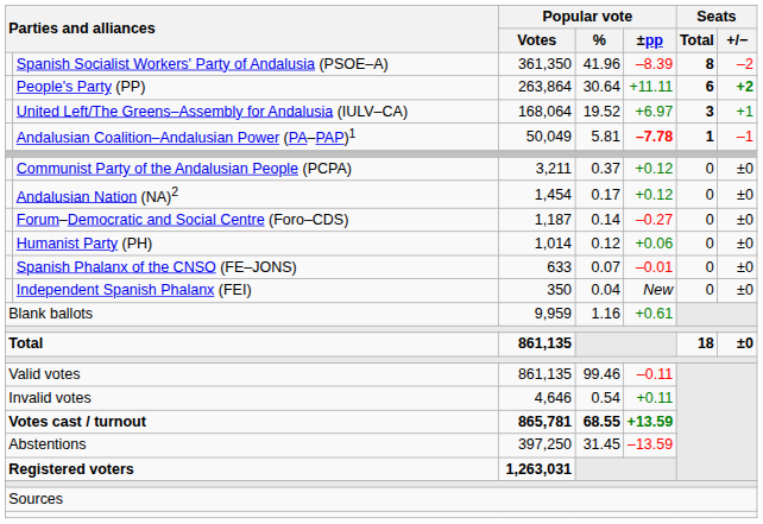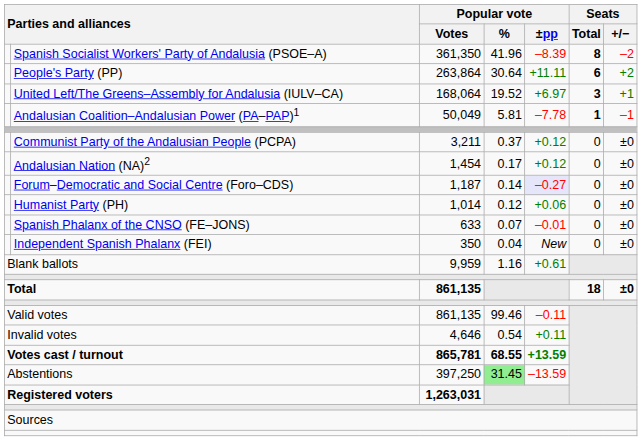 <table class="wikitable" style="text-align:right;">
 <tr>
 <th style="text-align:left;" rowspan="2" colspan="2" width="525">Parties and alliances</th>
 <th colspan="3">Popular vote</th>
 <th colspan="2">Seats</th>
 </tr>
 <tr>
 <th width="75">Votes</th>
 <th width="45">%</th>
 <th width="45">±<a href='#'>pp</a></th>
 <th width="35">Total</th>
 <th width="35">+/−</th>
 </tr>
 <tr>
 <td width="1" style="color:inherit;background:"></td>
 <td align="left"><a href='#'>Spanish Socialist Workers' Party of Andalusia</a> (PSOE–A)</td>
 <td>361,350</td>
 <td>41.96</td>
 <td style="color:red;">–8.39</td>
 <td><strong>8</strong></td>
 <td style="color:red;">–2</td>
 </tr>
 <tr>
 <td style="color:inherit;background:"></td>
 <td align="left"><a href='#'>People's Party</a> (PP)</td>
 <td>263,864</td>
 <td>30.64</td>
 <td style="color:green;">+11.11</td>
 <td><strong>6</strong></td>
-<td style="color:green;"><strong>+2</strong></td>
+<td style="color:green;">+2</td>
 </tr>
 <tr>
 <td style="color:inherit;background:"></td>
 <td align="left"><a href='#'>United Left/The Greens–Assembly for Andalusia</a> (IULV–CA)</td>
 <td>168,064</td>
 <td>19.52</td>
 <td style="color:green;">+6.97</td>
 <td><strong>3</strong></td>
 <td style="color:green;">+1</td>
 </tr>
 <tr>
 <td style="color:inherit;background:"></td>
 <td align="left"><a href='#'>Andalusian Coalition–Andalusian Power</a> (<a href='#'>PA</a>–<a href='#'>PAP</a>)<sup>1</sup></td>
 <td>50,049</td>
 <td>5.81</td>
-<td style="color:red;"><strong>–7.78</strong></td>
+<td style="color:red;">–7.78</td>
 <td><strong>1</strong></td>
 <td style="color:red;">–1</td>
 </tr>
 <tr>
 <td colspan="7" bgcolor="#C0C0C0"></td>
 </tr>
 <tr>
 <td style="color:inherit;background:"></td>
 <td align="left"><a href='#'>Communist Party of the Andalusian People</a> (PCPA)</td>
 <td>3,211</td>
 <td>0.37</td>
 <td style="color:green;">+0.12</td>
 <td>0</td>
 <td>±0</td>
 </tr>
 <tr>
 <td style="color:inherit;background:"></td>
 <td align="left"><a href='#'>Andalusian Nation</a> (NA)<sup>2</sup></td>
 <td>1,454</td>
 <td>0.17</td>
 <td style="color:green;">+0.12</td>
 <td>0</td>
 <td>±0</td>
 </tr>
 <tr>
 <td style="color:inherit;background:"></td>
 <td align="left"><a href='#'>Forum</a>–<a href='#'>Democratic and Social Centre</a> (Foro–CDS)</td>
 <td>1,187</td>
 <td>0.14</td>
-<td style="color:red;">–0.27</td>
+<td style="background: lavender; color:red;">–0.27</td>
 <td>0</td>
 <td>±0</td>
 </tr>
 <tr>
 <td style="color:inherit;background:"></td>
 <td align="left"><a href='#'>Humanist Party</a> (PH)</td>
 <td>1,014</td>
 <td>0.12</td>
 <td style="color:green;">+0.06</td>
 <td>0</td>
 <td>±0</td>
 </tr>
 <tr>
 <td style="color:inherit;background:"></td>
 <td align="left"><a href='#'>Spanish Phalanx of the CNSO</a> (FE–JONS)</td>
 <td>633</td>
 <td>0.07</td>
 <td style="color:red;">–0.01</td>
 <td>0</td>
 <td>±0</td>
 </tr>
 <tr>
 <td style="color:inherit;background:"></td>
 <td align="left"><a href='#'>Independent Spanish Phalanx</a> (FEI)</td>
 <td>350</td>
 <td>0.04</td>
 <td><em>New</em></td>
 <td>0</td>
 <td>±0</td>
 </tr>
 <tr>
 <td align="left" colspan="2">Blank ballots</td>
 <td>9,959</td>
 <td>1.16</td>
 <td style="color:green;">+0.61</td>
 <td bgcolor="#E9E9E9" colspan="2"></td>
 </tr>
 <tr>
 <td colspan="7" bgcolor="#E9E9E9"></td>
 </tr>
 <tr style="font-weight:bold;">
 <td align="left" colspan="2">Total</td>
 <td>861,135</td>
 <td bgcolor="#E9E9E9" colspan="2"></td>
 <td>18</td>
 <td>±0</td>
 </tr>
 <tr>
 <td colspan="7" bgcolor="#E9E9E9"></td>
 </tr>
 <tr>
 <td align="left" colspan="2">Valid votes</td>
 <td>861,135</td>
 <td>99.46</td>
 <td style="color:red;">–0.11</td>
 <td bgcolor="#E9E9E9" colspan="2" rowspan="5"></td>
 </tr>
 <tr>
 <td align="left" colspan="2">Invalid votes</td>
 <td>4,646</td>
 <td>0.54</td>
 <td style="color:green;">+0.11</td>
 </tr>
 <tr style="font-weight:bold;">
 <td align="left" colspan="2">Votes cast / turnout</td>
 <td>865,781</td>
 <td>68.55</td>
 <td style="color:green;">+13.59</td>
 </tr>
 <tr>
 <td align="left" colspan="2">Abstentions</td>
 <td>397,250</td>
-<td>31.45</td>
+<td style="background: lightgreen;">31.45</td>
 <td style="color:red;">–13.59</td>
 </tr>
 <tr style="font-weight:bold;">
 <td align="left" colspan="2">Registered voters</td>
 <td>1,263,031</td>
 <td bgcolor="#E9E9E9" colspan="2"></td>
 </tr>
 <tr>
 <td colspan="7" bgcolor="#E9E9E9"></td>
 </tr>
 <tr>
 <td align="left" colspan="7">Sources</td>
 </tr>
 <tr>
 <td colspan="7" style="text-align:left; max-width:790px;"></td>
 </tr>
 </table>
